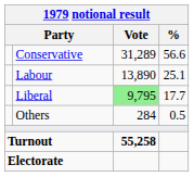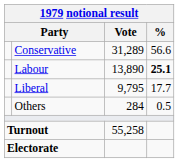 <table class="wikitable">
 <tr>
 <th colspan="4"><a href='#'>1979</a> <a href='#'>notional result</a></th>
 </tr>
 <tr>
 <th bgcolor="#DDDDFF" width="130px" colspan="2">Party</th>
 <th bgcolor="#DDDDFF" width="50px">Vote</th>
 <th bgcolor="#DDDDFF" width="30px">%</th>
 </tr>
 <tr>
 <td></td>
 <td><a href='#'>Conservative</a></td>
 <td align=right>31,289</td>
 <td align=right>56.6</td>
 </tr>
 <tr>
 <td></td>
 <td><a href='#'>Labour</a></td>
 <td align=right>13,890</td>
-<td align=right>25.1</td>
+<td align=right><strong>25.1</strong></td>
 </tr>
 <tr>
 <td></td>
 <td><a href='#'>Liberal</a></td>
-<td align=right style="background: lightgreen;">9,795</td>
+<td align=right>9,795</td>
 <td align=right>17.7</td>
 </tr>
 <tr>
 <td></td>
 <td>Others</td>
 <td align=right>284</td>
 <td align=right>0.5</td>
 </tr>
 <tr>
 <td colspan="4" bgcolor="#EAECF0"></td>
 </tr>
 <tr>
 <td colspan="2"><strong>Turnout</strong></td>
-<td align=right><strong>55,258</strong></td>
+<td align=right>55,258</td>
 <td align=right></td>
 </tr>
 <tr>
 <td colspan="2"><strong>Electorate</strong></td>
 <td align=right></td>
 </tr>
 </table>
